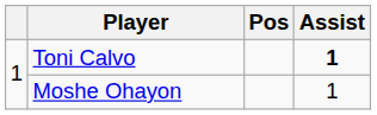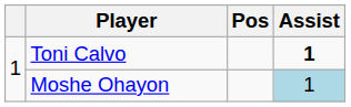 <table class="wikitable">
 <tr>
 <th></th>
 <th style="width:150px;">Player</th>
 <th>Pos</th>
 <th>Assist</th>
 </tr>
 <tr>
 <td style="text-align:center;" rowspan="2">1</td>
 <td> <a href='#'>Toni Calvo</a></td>
 <td align=center></td>
 <td align=center><strong>1</strong></td>
 </tr>
 <tr>
 <td> <a href='#'>Moshe Ohayon</a></td>
 <td align=center></td>
-<td align=center>1</td>
+<td align=center style="background: lightblue;">1</td>
 </tr>
 </table>
